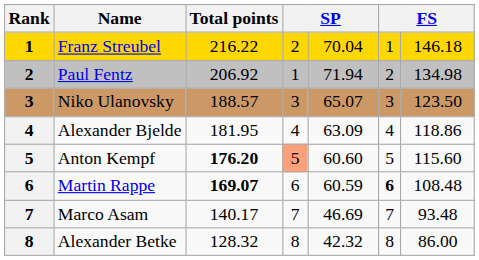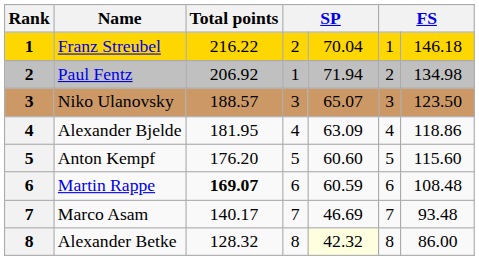 <table class="wikitable sortable">
 <tr>
 <th>Rank</th>
 <th>Name</th>
 <th>Total points</th>
 <th colspan="2" width="80px"><a href='#'>SP</a></th>
 <th colspan="2" width="80px"><a href='#'>FS</a></th>
 </tr>
 <tr bgcolor="gold">
 <td align="center"><strong>1</strong></td>
 <td><a href='#'>Franz Streubel</a></td>
 <td align="center">216.22</td>
 <td align="center">2</td>
 <td align="center">70.04</td>
 <td align="center">1</td>
 <td align="center">146.18</td>
 </tr>
 <tr bgcolor="silver">
 <td align="center"><strong>2</strong></td>
 <td><a href='#'>Paul Fentz</a></td>
 <td align="center">206.92</td>
 <td align="center">1</td>
 <td align="center">71.94</td>
 <td align="center">2</td>
 <td align="center">134.98</td>
 </tr>
 <tr bgcolor="cc9966">
 <td align="center"><strong>3</strong></td>
 <td>Niko Ulanovsky</td>
 <td align="center">188.57</td>
 <td align="center">3</td>
 <td align="center">65.07</td>
 <td align="center">3</td>
 <td align="center">123.50</td>
 </tr>
 <tr>
 <th>4</th>
 <td>Alexander Bjelde</td>
 <td align="center">181.95</td>
 <td align="center">4</td>
 <td align="center">63.09</td>
 <td align="center">4</td>
 <td align="center">118.86</td>
 </tr>
 <tr>
 <th>5</th>
 <td>Anton Kempf</td>
-<td align="center"><strong>176.20</strong></td>
-<td align="center" style="background: lightsalmon;">5</td>
+<td align="center">176.20</td>
+<td align="center">5</td>
 <td align="center">60.60</td>
 <td align="center">5</td>
 <td align="center">115.60</td>
 </tr>
 <tr>
 <th>6</th>
 <td><a href='#'>Martin Rappe</a></td>
 <td align="center"><strong>169.07</strong></td>
 <td align="center">6</td>
 <td align="center">60.59</td>
-<td align="center"><strong>6</strong></td>
+<td align="center">6</td>
 <td align="center">108.48</td>
 </tr>
 <tr>
 <th>7</th>
 <td>Marco Asam</td>
 <td align="center">140.17</td>
 <td align="center">7</td>
 <td align="center">46.69</td>
 <td align="center">7</td>
 <td align="center">93.48</td>
 </tr>
 <tr>
 <th>8</th>
 <td>Alexander Betke</td>
 <td align="center">128.32</td>
 <td align="center">8</td>
-<td align="center">42.32</td>
+<td align="center" style="background: lightyellow;">42.32</td>
 <td align="center">8</td>
 <td align="center">86.00</td>
 </tr>
 </table>
